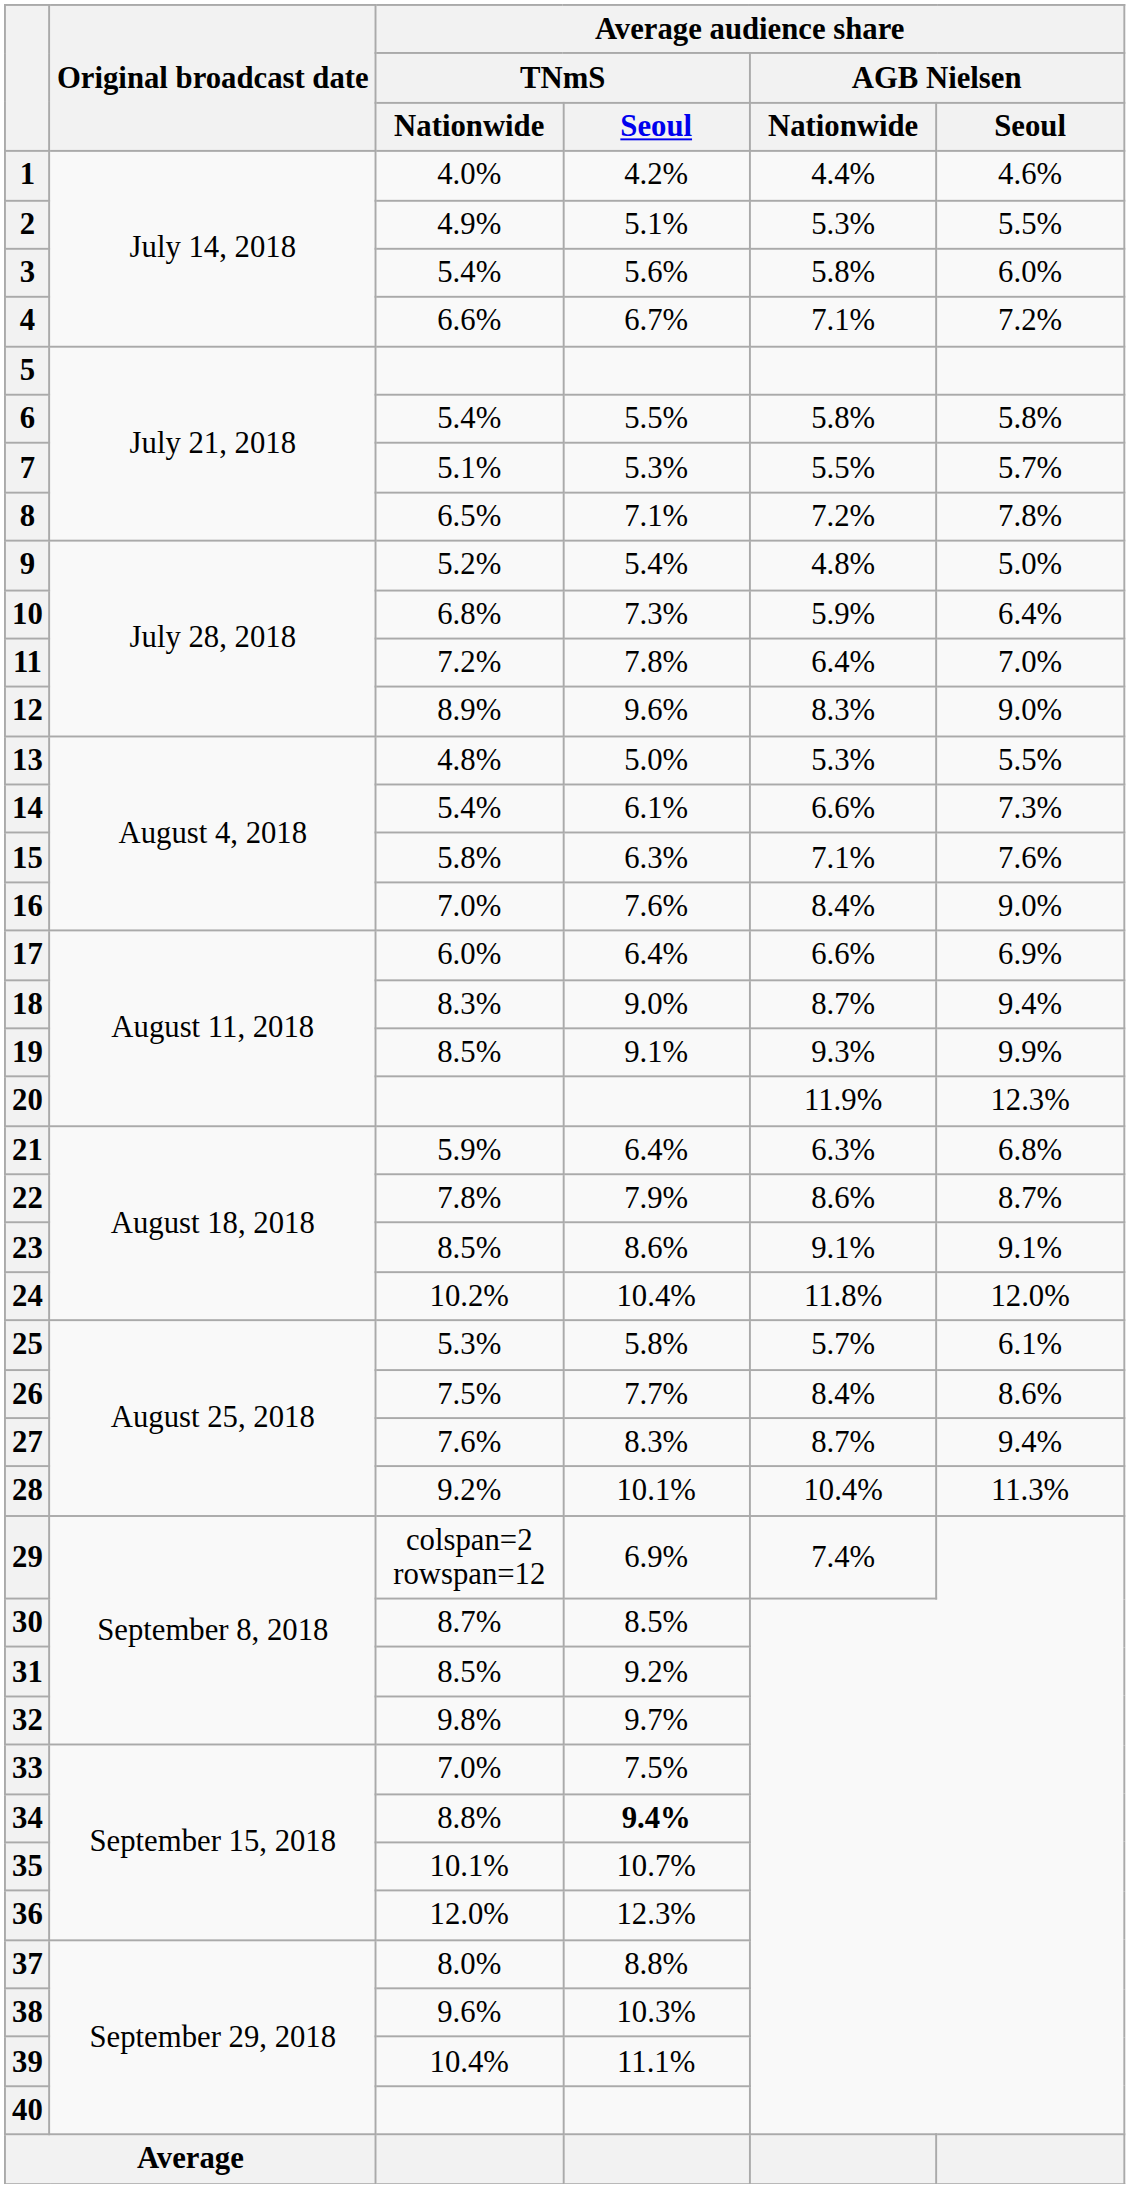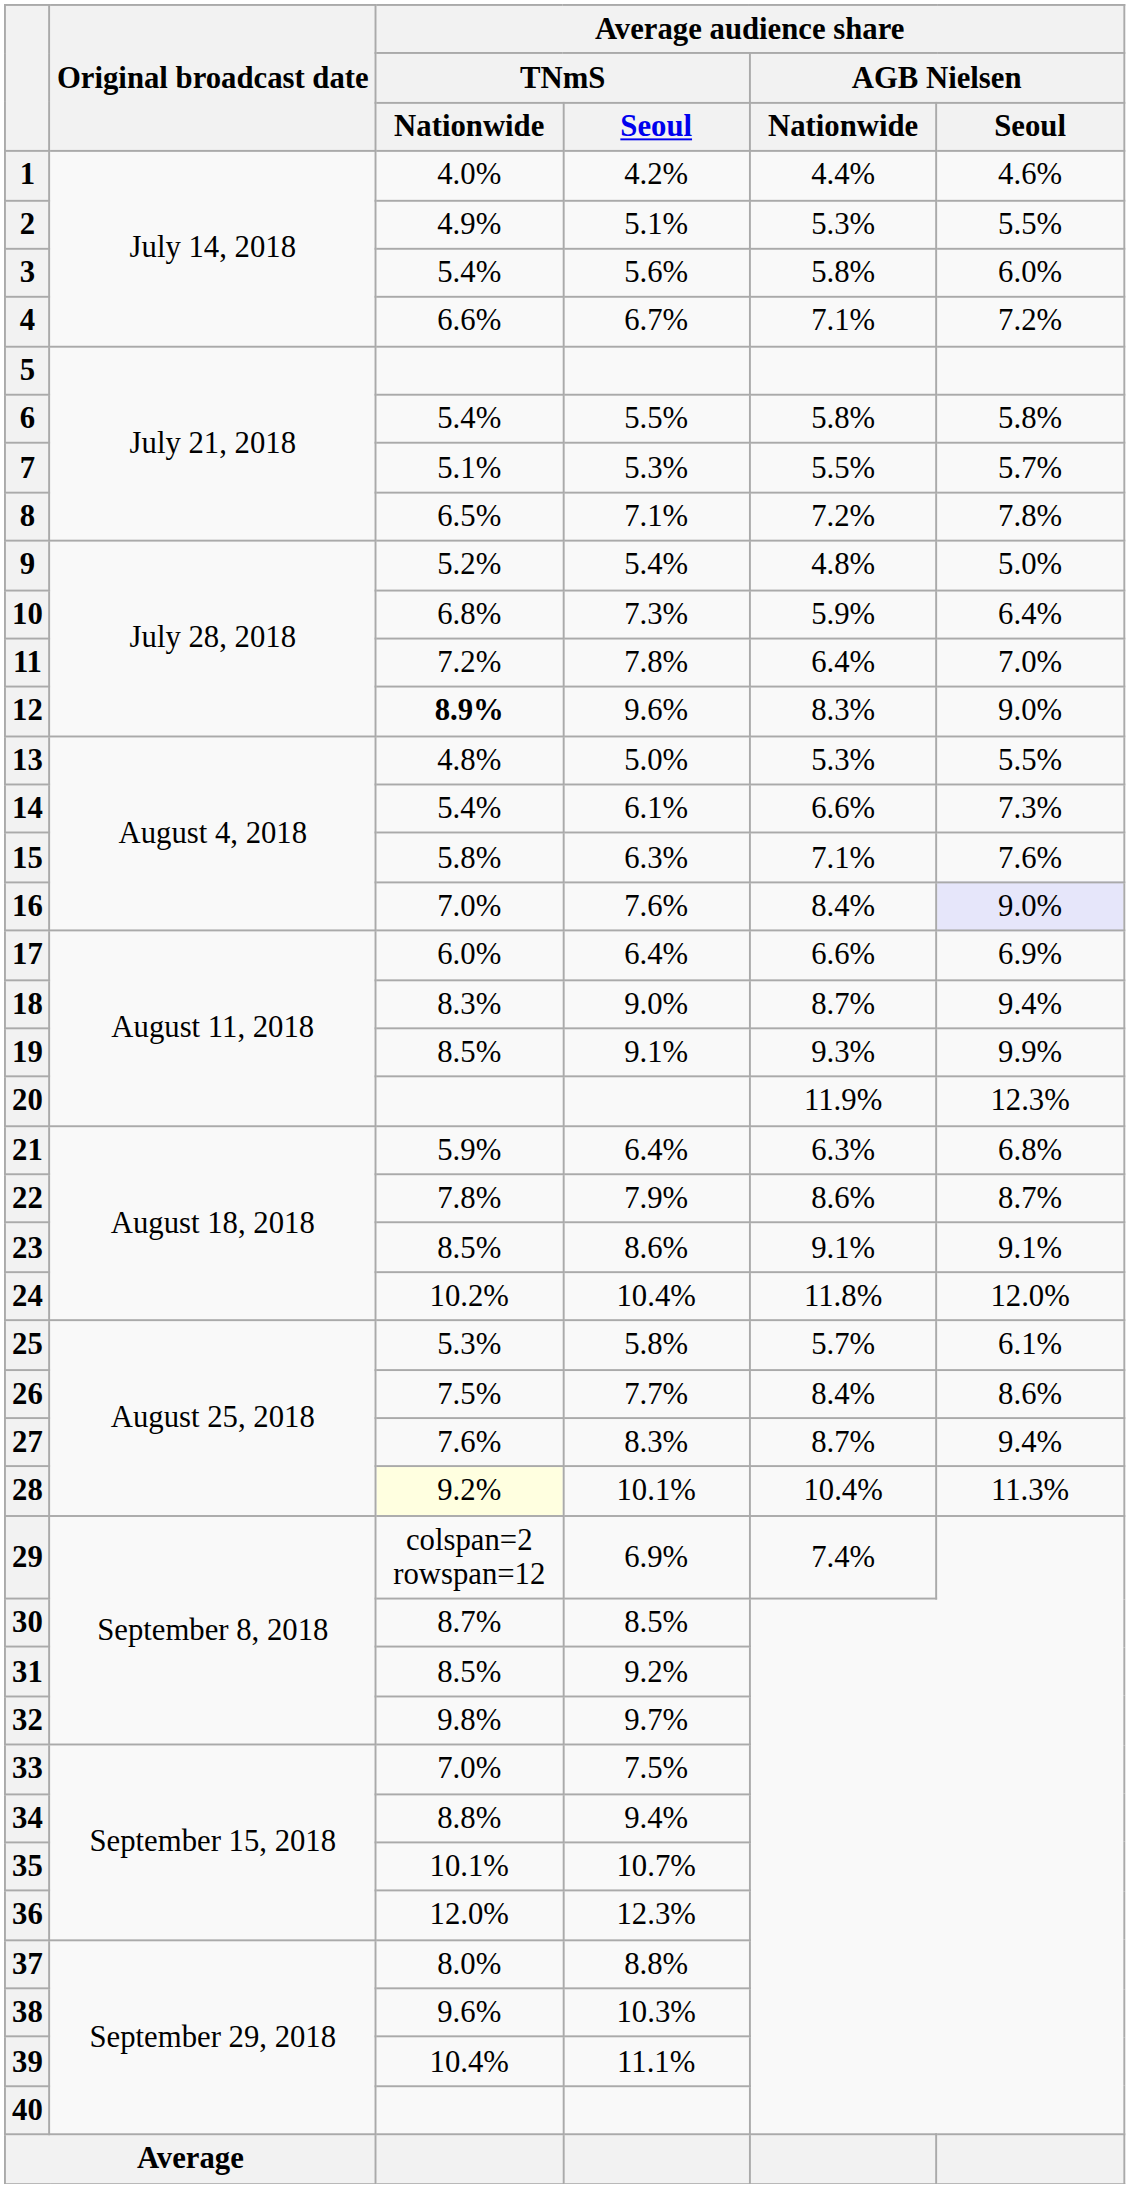 <table class="wikitable" style="text-align:center">
 <tr>
 <th rowspan="3"></th>
 <th rowspan="3">Original broadcast date</th>
 <th colspan="4">Average audience share</th>
 </tr>
 <tr>
 <th colspan="2">TNmS</th>
 <th colspan="2">AGB Nielsen</th>
 </tr>
 <tr>
 <th width="90">Nationwide</th>
 <th width="90"><a href='#'>Seoul</a></th>
 <th width="90">Nationwide</th>
 <th width="90">Seoul</th>
 </tr>
 <tr>
 <th>1</th>
 <td rowspan="4">July 14, 2018</td>
 <td>4.0%</td>
 <td>4.2%</td>
 <td>4.4% </td>
 <td>4.6% </td>
 </tr>
 <tr>
 <th>2</th>
 <td>4.9%</td>
 <td>5.1%</td>
 <td>5.3% </td>
 <td>5.5% </td>
 </tr>
 <tr>
 <th>3</th>
 <td>5.4%</td>
 <td>5.6%</td>
 <td>5.8% </td>
 <td>6.0% </td>
 </tr>
 <tr>
 <th>4</th>
 <td>6.6%</td>
 <td>6.7%</td>
 <td>7.1% </td>
 <td>7.2% </td>
 </tr>
 <tr>
 <th>5</th>
 <td rowspan="4">July 21, 2018</td>
 <td></td>
 <td></td>
 <td> </td>
 <td> </td>
 </tr>
 <tr>
 <th>6</th>
 <td>5.4%</td>
 <td>5.5%</td>
 <td>5.8% </td>
 <td>5.8% </td>
 </tr>
 <tr>
 <th>7</th>
 <td>5.1%</td>
 <td>5.3%</td>
 <td>5.5% </td>
 <td>5.7% </td>
 </tr>
 <tr>
 <th>8</th>
 <td>6.5%</td>
 <td>7.1%</td>
 <td>7.2% </td>
 <td>7.8% </td>
 </tr>
 <tr>
 <th>9</th>
 <td rowspan="4">July 28, 2018</td>
 <td>5.2%</td>
 <td>5.4%</td>
 <td>4.8% </td>
 <td>5.0% </td>
 </tr>
 <tr>
 <th>10</th>
 <td>6.8%</td>
 <td>7.3%</td>
 <td>5.9% </td>
 <td>6.4% </td>
 </tr>
 <tr>
 <th>11</th>
 <td>7.2%</td>
 <td>7.8%</td>
 <td>6.4% </td>
 <td>7.0% </td>
 </tr>
 <tr>
 <th>12</th>
-<td>8.9%</td>
+<td><strong>8.9%</strong></td>
 <td>9.6%</td>
 <td>8.3% </td>
 <td>9.0% </td>
 </tr>
 <tr>
 <th>13</th>
 <td rowspan="4">August 4, 2018</td>
 <td>4.8%</td>
 <td>5.0%</td>
 <td>5.3% </td>
 <td>5.5% </td>
 </tr>
 <tr>
 <th>14</th>
 <td>5.4%</td>
 <td>6.1%</td>
 <td>6.6% </td>
 <td>7.3% </td>
 </tr>
 <tr>
 <th>15</th>
 <td>5.8%</td>
 <td>6.3%</td>
 <td>7.1% </td>
 <td>7.6% </td>
 </tr>
 <tr>
 <th>16</th>
 <td>7.0%</td>
 <td>7.6%</td>
 <td>8.4% </td>
-<td>9.0% </td>
+<td style="background: lavender;">9.0% </td>
 </tr>
 <tr>
 <th>17</th>
 <td rowspan="4">August 11, 2018</td>
 <td>6.0%</td>
 <td>6.4%</td>
 <td>6.6% </td>
 <td>6.9% </td>
 </tr>
 <tr>
 <th>18</th>
 <td>8.3%</td>
 <td>9.0%</td>
 <td>8.7% </td>
 <td>9.4% </td>
 </tr>
 <tr>
 <th>19</th>
 <td>8.5%</td>
 <td>9.1%</td>
 <td>9.3% </td>
 <td>9.9% </td>
 </tr>
 <tr>
 <th>20</th>
 <td></td>
 <td></td>
 <td>11.9% </td>
 <td>12.3% </td>
 </tr>
 <tr>
 <th>21</th>
 <td rowspan="4">August 18, 2018</td>
 <td>5.9%</td>
 <td>6.4%</td>
 <td>6.3% </td>
 <td>6.8% </td>
 </tr>
 <tr>
 <th>22</th>
 <td>7.8%</td>
 <td>7.9%</td>
 <td>8.6% </td>
 <td>8.7% </td>
 </tr>
 <tr>
 <th>23</th>
 <td>8.5%</td>
 <td>8.6%</td>
 <td>9.1% </td>
 <td>9.1% </td>
 </tr>
 <tr>
 <th>24</th>
 <td>10.2%</td>
 <td>10.4%</td>
 <td>11.8% </td>
 <td>12.0% </td>
 </tr>
 <tr>
 <th>25</th>
 <td rowspan="4">August 25, 2018</td>
 <td>5.3%</td>
 <td>5.8%</td>
 <td>5.7% </td>
 <td>6.1% </td>
 </tr>
 <tr>
 <th>26</th>
 <td>7.5%</td>
 <td>7.7%</td>
 <td>8.4% </td>
 <td>8.6% </td>
 </tr>
 <tr>
 <th>27</th>
 <td>7.6%</td>
 <td>8.3%</td>
 <td>8.7% </td>
 <td>9.4% </td>
 </tr>
 <tr>
 <th>28</th>
-<td>9.2%</td>
+<td style="background: lightyellow;">9.2%</td>
 <td>10.1%</td>
 <td>10.4% </td>
 <td>11.3% </td>
 </tr>
 <tr>
 <th>29</th>
 <td rowspan="4">September 8, 2018</td>
 <td>colspan=2 rowspan=12 </td>
 <td>6.9% </td>
 <td>7.4% </td>
 </tr>
 <tr>
 <th>30</th>
 <td>8.7% </td>
 <td>8.5% </td>
 </tr>
 <tr>
 <th>31</th>
 <td>8.5% </td>
 <td>9.2% </td>
 </tr>
 <tr>
 <th>32</th>
 <td>9.8% </td>
 <td>9.7% </td>
 </tr>
 <tr>
 <th>33</th>
 <td rowspan="4">September 15, 2018</td>
 <td>7.0% </td>
 <td>7.5% </td>
 </tr>
 <tr>
 <th>34</th>
 <td>8.8% </td>
-<td><strong>9.4% </strong></td>
+<td>9.4% </td>
 </tr>
 <tr>
 <th>35</th>
 <td>10.1% </td>
 <td>10.7% </td>
 </tr>
 <tr>
 <th>36</th>
 <td>12.0% </td>
 <td>12.3% </td>
 </tr>
 <tr>
 <th>37</th>
 <td rowspan="4">September 29, 2018</td>
 <td>8.0% </td>
 <td>8.8% </td>
 </tr>
 <tr>
 <th>38</th>
 <td>9.6% </td>
 <td>10.3% </td>
 </tr>
 <tr>
 <th>39</th>
 <td>10.4% </td>
 <td>11.1% </td>
 </tr>
 <tr>
 <th>40</th>
 <td> </td>
 <td> </td>
 </tr>
 <tr>
 <th colspan="2">Average</th>
 <th></th>
 <th></th>
 <th></th>
 <th></th>
 </tr>
 </table>
